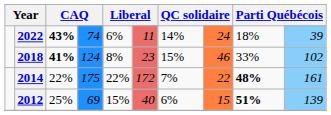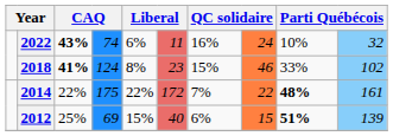 <table class="wikitable" style="width:400; font-size:90%; margin-left:1em;">
 <tr>
 <th colspan="2" scope="col">Year</th>
 <th colspan="2" scope="col"><a href='#'>CAQ</a></th>
 <th colspan="2" scope="col"><a href='#'>Liberal</a></th>
 <th colspan="2" scope="col"><a href='#'>QC solidaire</a></th>
 <th colspan="2" scope="col"><a href='#'>Parti Québécois</a></th>
 </tr>
 <tr>
 <td rowspan="2" style="width: 0.25em; background-color: "></td>
 <th><a href='#'>2022</a></th>
 <td><strong>43%</strong></td>
 <td style="text-align:right; background:#1E90FF;"><em>74</em></td>
 <td>6%</td>
 <td style="text-align:right; background:#EA6D6A;"><em>11</em></td>
-<td>14%</td>
+<td>16%</td>
 <td style="text-align:right; background:#FF8040;"><em>24</em></td>
-<td>18%</td>
-<td style="text-align:right; background:#87CEFA;"><em>39</em></td>
+<td>10%</td>
+<td style="text-align:right; background:#87CEFA;"><em>32</em></td>
 </tr>
 <tr>
 <th><a href='#'>2018</a></th>
 <td><strong>41%</strong></td>
 <td style="text-align:right; background:#1E90FF;"><em>124</em></td>
 <td>8%</td>
 <td style="text-align:right; background:#EA6D6A;"><em>23</em></td>
 <td>15%</td>
 <td style="text-align:right; background:#FF8040;"><em>46</em></td>
 <td>33%</td>
 <td style="text-align:right; background:#87CEFA;"><em>102</em></td>
 </tr>
 <tr>
 <td rowspan="2" style="width: 0.25em; background-color: "></td>
 <th><a href='#'>2014</a></th>
 <td>22%</td>
 <td style="text-align:right; background:#1E90FF;"><em>175</em></td>
 <td>22%</td>
 <td style="text-align:right; background:#EA6D6A;"><em>172</em></td>
 <td>7%</td>
 <td style="text-align:right; background:#FF8040;"><em>22</em></td>
 <td><strong>48%</strong></td>
 <td style="text-align:right; background:#87CEFA;"><em>161</em></td>
 </tr>
 <tr>
 <th><a href='#'>2012</a></th>
 <td>25%</td>
 <td style="text-align:right; background:#1E90FF;"><em>69</em></td>
 <td>15%</td>
 <td style="text-align:right; background:#EA6D6A;"><em>40</em></td>
 <td>6%</td>
 <td style="text-align:right; background:#FF8040;"><em>15</em></td>
 <td><strong>51%</strong></td>
 <td style="text-align:right; background:#87CEFA;"><em>139</em></td>
 </tr>
 <tr>
 </tr>
 </table>
